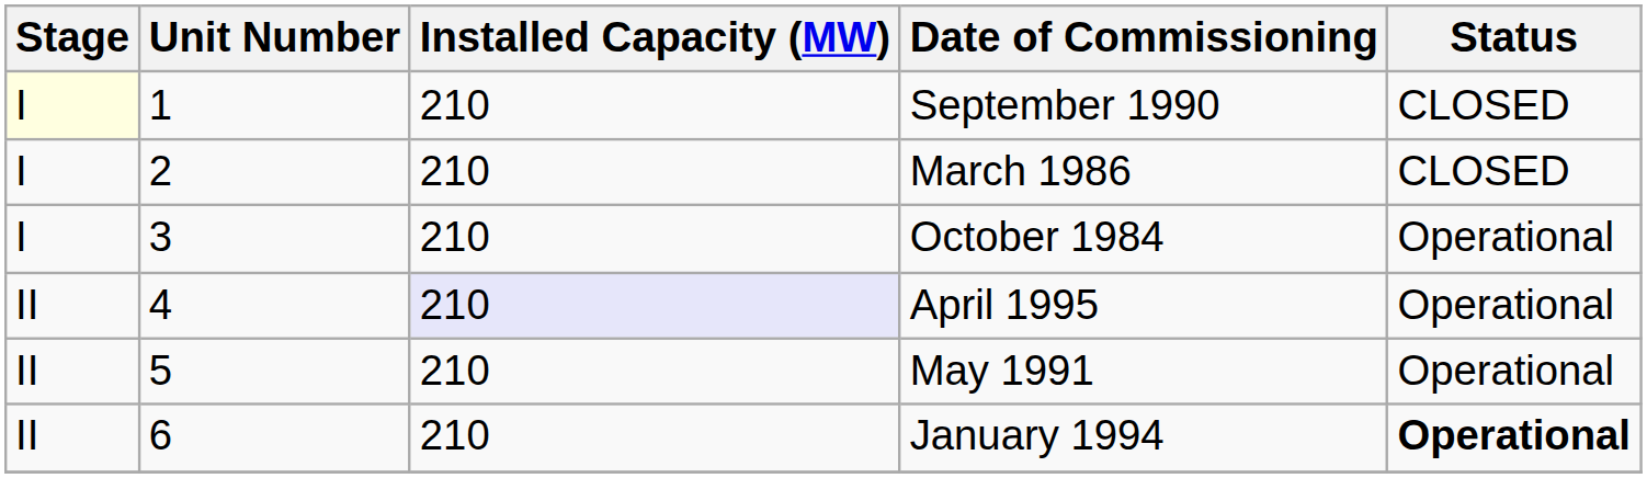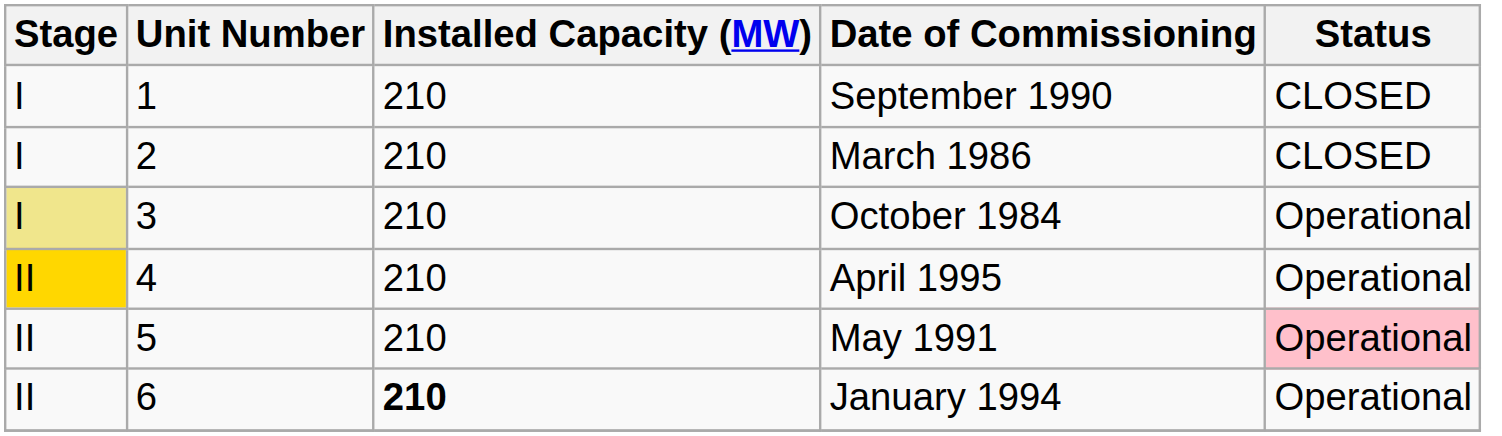 <table class="sortable wikitable">
 <tr>
 <th>Stage</th>
 <th>Unit Number</th>
 <th>Installed Capacity (<a href='#'>MW</a>)</th>
 <th>Date of Commissioning</th>
 <th>Status</th>
 </tr>
 <tr>
-<td style="background: lightyellow;">I</td>
+<td>I</td>
 <td>1</td>
 <td>210</td>
 <td>September 1990</td>
 <td>CLOSED</td>
 </tr>
 <tr>
 <td>I</td>
 <td>2</td>
 <td>210</td>
 <td>March 1986</td>
 <td>CLOSED</td>
 </tr>
 <tr>
-<td>I</td>
+<td style="background: khaki;">I</td>
 <td>3</td>
 <td>210</td>
 <td>October 1984</td>
 <td>Operational</td>
 </tr>
 <tr>
-<td>II</td>
+<td style="background: gold;">II</td>
 <td>4</td>
-<td style="background: lavender;">210</td>
+<td>210</td>
 <td>April 1995</td>
 <td>Operational</td>
 </tr>
 <tr>
 <td>II</td>
 <td>5</td>
 <td>210</td>
 <td>May 1991</td>
-<td>Operational</td>
+<td style="background: pink;">Operational</td>
 </tr>
 <tr>
 <td>II</td>
 <td>6</td>
-<td>210</td>
+<td><strong>210</strong></td>
 <td>January 1994</td>
-<td><strong>Operational</strong></td>
+<td>Operational</td>
 </tr>
 <tr>
 </tr>
 </table>
